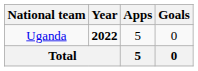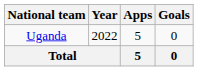 <table class="wikitable" style="text-align:center">
 <tr>
 <th>National team</th>
 <th>Year</th>
 <th>Apps</th>
 <th>Goals</th>
 </tr>
 <tr>
 <td rowspan=1><a href='#'>Uganda</a></td>
-<td><strong>2022</strong></td>
+<td>2022</td>
 <td>5</td>
 <td>0</td>
 </tr>
 <tr>
 <th colspan=2>Total</th>
 <th>5</th>
 <th>0</th>
 </tr>
 </table>
